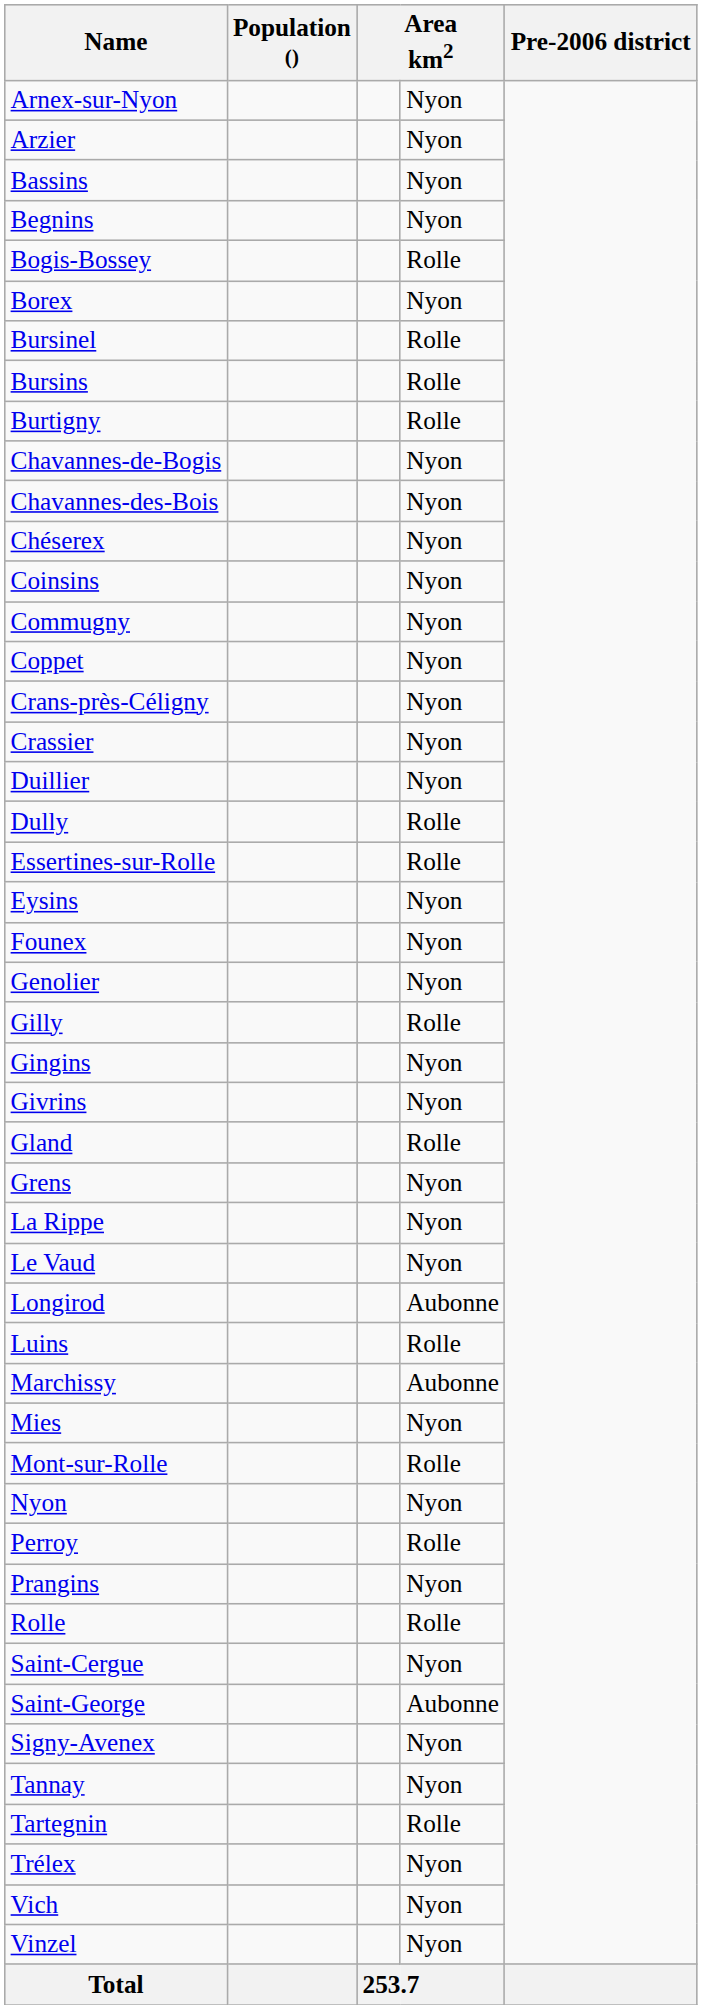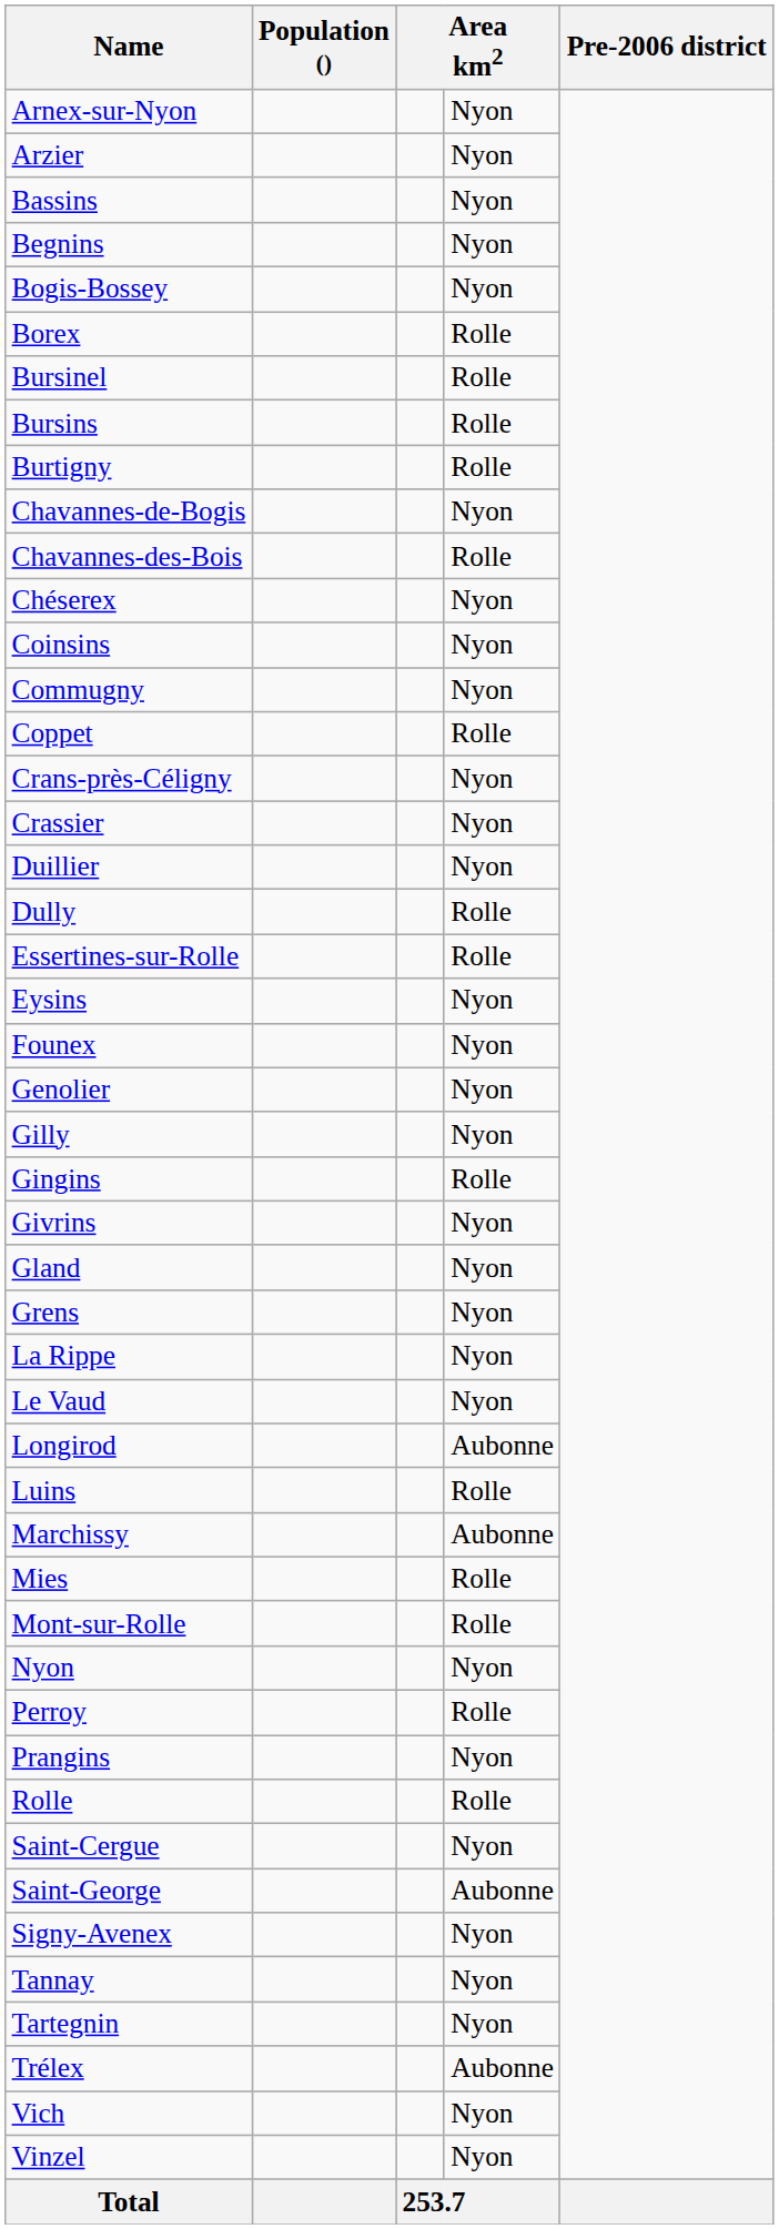 <table class="wikitable sortable">
 <tr>
 <th>Name</th>
 <th data-sort-type="number">Population<br><small>()</small></th>
 <th data-sort-type="number" colspan="2">Area <br>km<sup>2</sup></th>
 <th>Pre-2006 district</th>
 </tr>
 <tr>
 <td><a href='#'>Arnex-sur-Nyon</a></td>
 <td style="text-align:right;"></td>
 <td></td>
 <td>Nyon</td>
 </tr>
 <tr>
 <td><a href='#'>Arzier</a></td>
 <td style="text-align:right;"></td>
 <td></td>
 <td>Nyon</td>
 </tr>
 <tr>
 <td><a href='#'>Bassins</a></td>
 <td style="text-align:right;"></td>
 <td></td>
 <td>Nyon</td>
 </tr>
 <tr>
 <td><a href='#'>Begnins</a></td>
 <td style="text-align:right;"></td>
 <td></td>
 <td>Nyon</td>
 </tr>
 <tr>
 <td><a href='#'>Bogis-Bossey</a></td>
 <td style="text-align:right;"></td>
 <td></td>
-<td>Rolle</td>
+<td>Nyon</td>
 </tr>
 <tr>
 <td><a href='#'>Borex</a></td>
 <td style="text-align:right;"></td>
 <td></td>
-<td>Nyon</td>
+<td>Rolle</td>
 </tr>
 <tr>
 <td><a href='#'>Bursinel</a></td>
 <td style="text-align:right;"></td>
 <td></td>
 <td>Rolle</td>
 </tr>
 <tr>
 <td><a href='#'>Bursins</a></td>
 <td style="text-align:right;"></td>
 <td></td>
 <td>Rolle</td>
 </tr>
 <tr>
 <td><a href='#'>Burtigny</a></td>
 <td style="text-align:right;"></td>
 <td></td>
 <td>Rolle</td>
 </tr>
 <tr>
 <td><a href='#'>Chavannes-de-Bogis</a></td>
 <td style="text-align:right;"></td>
 <td></td>
 <td>Nyon</td>
 </tr>
 <tr>
 <td><a href='#'>Chavannes-des-Bois</a></td>
 <td style="text-align:right;"></td>
 <td></td>
-<td>Nyon</td>
+<td>Rolle</td>
 </tr>
 <tr>
 <td><a href='#'>Chéserex</a></td>
 <td style="text-align:right;"></td>
 <td></td>
 <td>Nyon</td>
 </tr>
 <tr>
 <td><a href='#'>Coinsins</a></td>
 <td style="text-align:right;"></td>
 <td></td>
 <td>Nyon</td>
 </tr>
 <tr>
 <td><a href='#'>Commugny</a></td>
 <td style="text-align:right;"></td>
 <td></td>
 <td>Nyon</td>
 </tr>
 <tr>
 <td><a href='#'>Coppet</a></td>
 <td style="text-align:right;"></td>
 <td></td>
-<td>Nyon</td>
+<td>Rolle</td>
 </tr>
 <tr>
 <td><a href='#'>Crans-près-Céligny</a></td>
 <td style="text-align:right;"></td>
 <td></td>
 <td>Nyon</td>
 </tr>
 <tr>
 <td><a href='#'>Crassier</a></td>
 <td style="text-align:right;"></td>
 <td></td>
 <td>Nyon</td>
 </tr>
 <tr>
 <td><a href='#'>Duillier</a></td>
 <td style="text-align:right;"></td>
 <td></td>
 <td>Nyon</td>
 </tr>
 <tr>
 <td><a href='#'>Dully</a></td>
 <td style="text-align:right;"></td>
 <td></td>
 <td>Rolle</td>
 </tr>
 <tr>
 <td><a href='#'>Essertines-sur-Rolle</a></td>
 <td style="text-align:right;"></td>
 <td></td>
 <td>Rolle</td>
 </tr>
 <tr>
 <td><a href='#'>Eysins</a></td>
 <td style="text-align:right;"></td>
 <td></td>
 <td>Nyon</td>
 </tr>
 <tr>
 <td><a href='#'>Founex</a></td>
 <td style="text-align:right;"></td>
 <td></td>
 <td>Nyon</td>
 </tr>
 <tr>
 <td><a href='#'>Genolier</a></td>
 <td style="text-align:right;"></td>
 <td></td>
 <td>Nyon</td>
 </tr>
 <tr>
 <td><a href='#'>Gilly</a></td>
 <td style="text-align:right;"></td>
 <td></td>
-<td>Rolle</td>
+<td>Nyon</td>
 </tr>
 <tr>
 <td><a href='#'>Gingins</a></td>
 <td style="text-align:right;"></td>
 <td></td>
-<td>Nyon</td>
+<td>Rolle</td>
 </tr>
 <tr>
 <td><a href='#'>Givrins</a></td>
 <td style="text-align:right;"></td>
 <td></td>
 <td>Nyon</td>
 </tr>
 <tr>
 <td><a href='#'>Gland</a></td>
 <td style="text-align:right;"></td>
 <td></td>
-<td>Rolle</td>
+<td>Nyon</td>
 </tr>
 <tr>
 <td><a href='#'>Grens</a></td>
 <td style="text-align:right;"></td>
 <td></td>
 <td>Nyon</td>
 </tr>
 <tr>
 <td><a href='#'>La Rippe</a></td>
 <td style="text-align:right;"></td>
 <td></td>
 <td>Nyon</td>
 </tr>
 <tr>
 <td><a href='#'>Le Vaud</a></td>
 <td style="text-align:right;"></td>
 <td></td>
 <td>Nyon</td>
 </tr>
 <tr>
 <td><a href='#'>Longirod</a></td>
 <td style="text-align:right;"></td>
 <td></td>
 <td>Aubonne</td>
 </tr>
 <tr>
 <td><a href='#'>Luins</a></td>
 <td style="text-align:right;"></td>
 <td></td>
 <td>Rolle</td>
 </tr>
 <tr>
 <td><a href='#'>Marchissy</a></td>
 <td style="text-align:right;"></td>
 <td></td>
 <td>Aubonne</td>
 </tr>
 <tr>
 <td><a href='#'>Mies</a></td>
 <td style="text-align:right;"></td>
 <td></td>
-<td>Nyon</td>
+<td>Rolle</td>
 </tr>
 <tr>
 <td><a href='#'>Mont-sur-Rolle</a></td>
 <td style="text-align:right;"></td>
 <td></td>
 <td>Rolle</td>
 </tr>
 <tr>
 <td><a href='#'>Nyon</a></td>
 <td style="text-align:right;"></td>
 <td></td>
 <td>Nyon</td>
 </tr>
 <tr>
 <td><a href='#'>Perroy</a></td>
 <td style="text-align:right;"></td>
 <td></td>
 <td>Rolle</td>
 </tr>
 <tr>
 <td><a href='#'>Prangins</a></td>
 <td style="text-align:right;"></td>
 <td></td>
 <td>Nyon</td>
 </tr>
 <tr>
 <td><a href='#'>Rolle</a></td>
 <td style="text-align:right;"></td>
 <td></td>
 <td>Rolle</td>
 </tr>
 <tr>
 <td><a href='#'>Saint-Cergue</a></td>
 <td style="text-align:right;"></td>
 <td></td>
 <td>Nyon</td>
 </tr>
 <tr>
 <td><a href='#'>Saint-George</a></td>
 <td style="text-align:right;"></td>
 <td></td>
 <td>Aubonne</td>
 </tr>
 <tr>
 <td><a href='#'>Signy-Avenex</a></td>
 <td style="text-align:right;"></td>
 <td></td>
 <td>Nyon</td>
 </tr>
 <tr>
 <td><a href='#'>Tannay</a></td>
 <td style="text-align:right;"></td>
 <td></td>
 <td>Nyon</td>
 </tr>
 <tr>
 <td><a href='#'>Tartegnin</a></td>
 <td style="text-align:right;"></td>
 <td></td>
-<td>Rolle</td>
+<td>Nyon</td>
 </tr>
 <tr>
 <td><a href='#'>Trélex</a></td>
 <td style="text-align:right;"></td>
 <td></td>
-<td>Nyon</td>
+<td>Aubonne</td>
 </tr>
 <tr>
 <td><a href='#'>Vich</a></td>
 <td style="text-align:right;"></td>
 <td></td>
 <td>Nyon</td>
 </tr>
 <tr>
 <td><a href='#'>Vinzel</a></td>
 <td style="text-align:right;"></td>
 <td></td>
 <td>Nyon</td>
 </tr>
 <tr>
 <th>Total</th>
 <th style="text-align:right;"></th>
 <th style="text-align:right; border-right:none; padding-right:0;">253</th>
 <th style="text-align:left; border-left: none; padding-left: 0;">.7</th>
 <th></th>
 </tr>
 </table>
